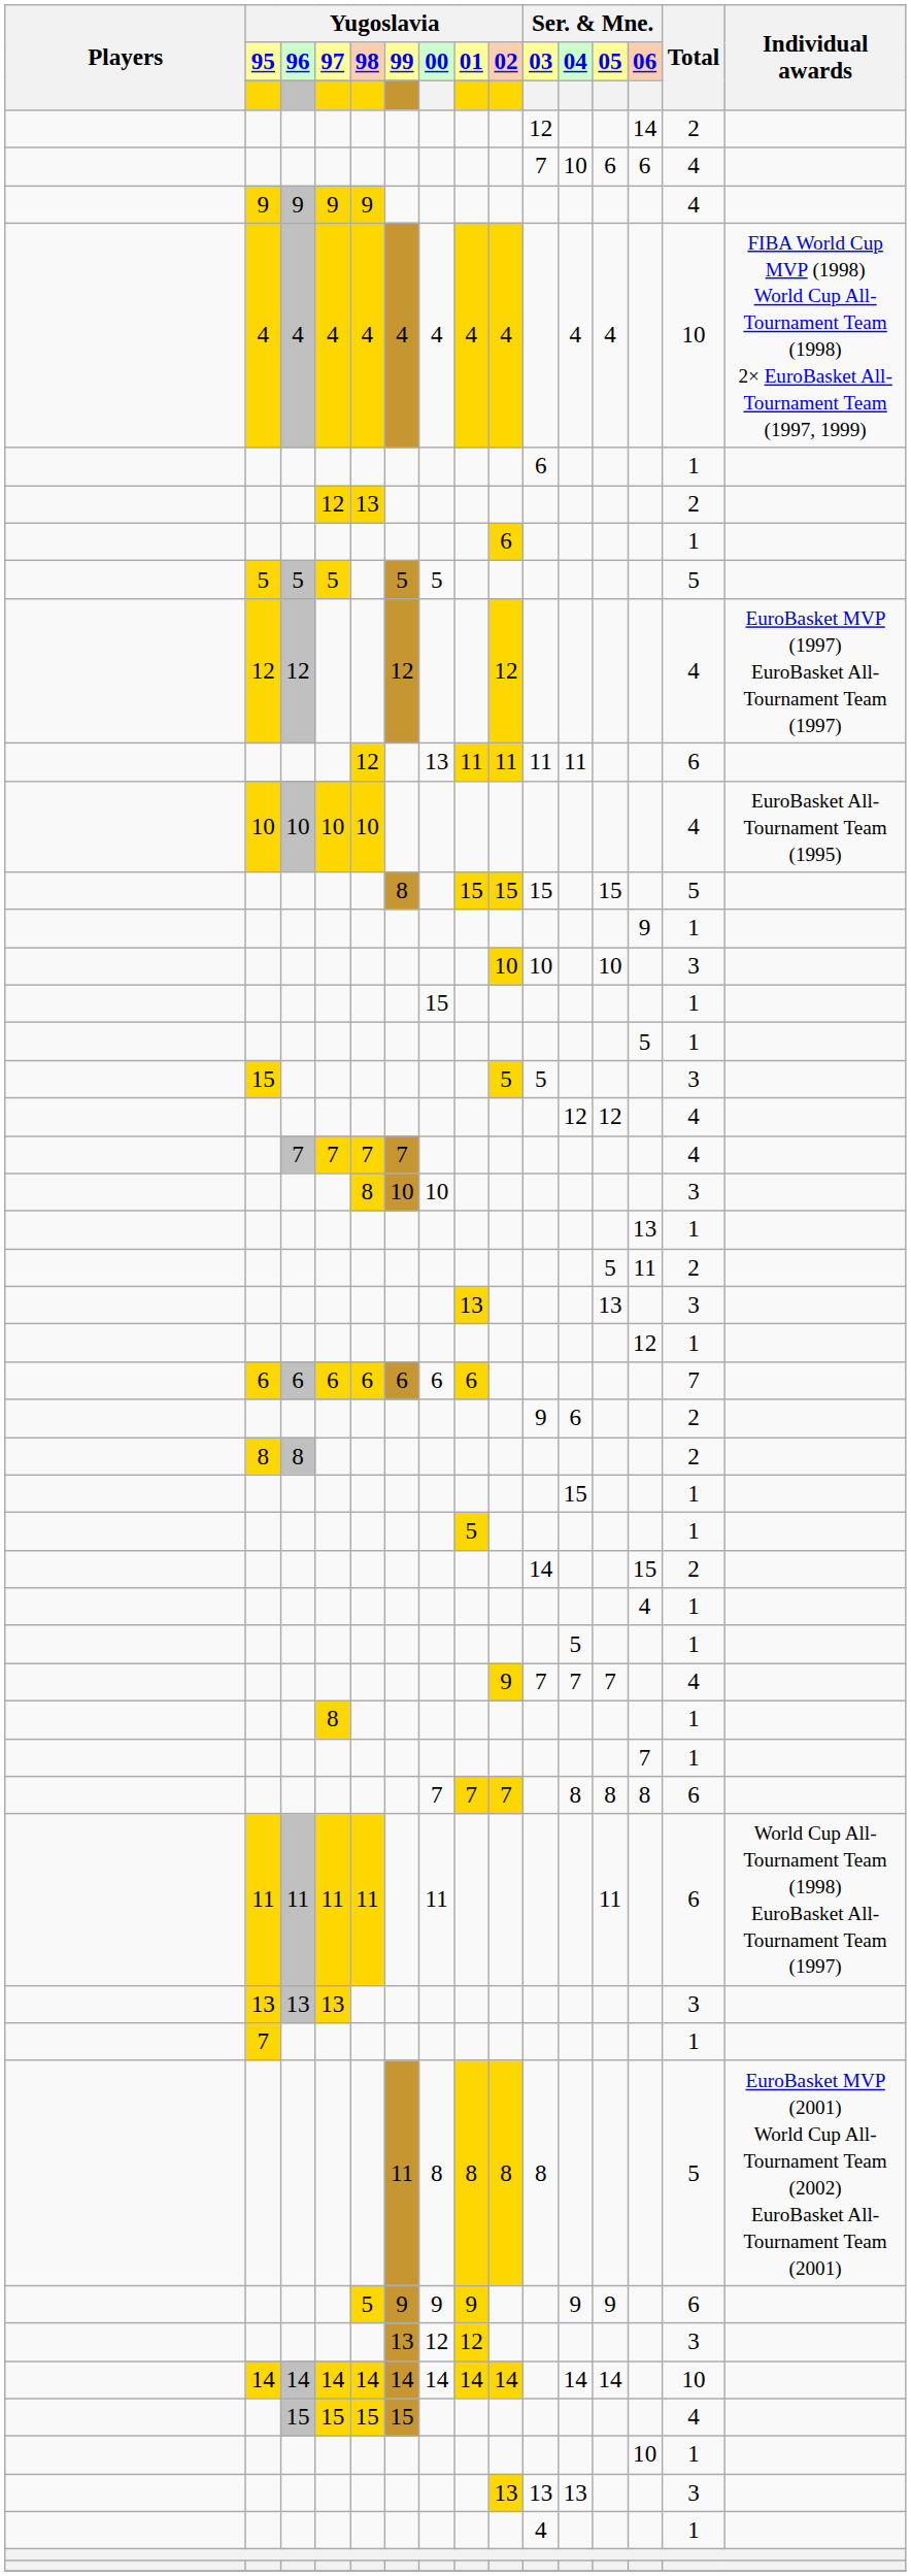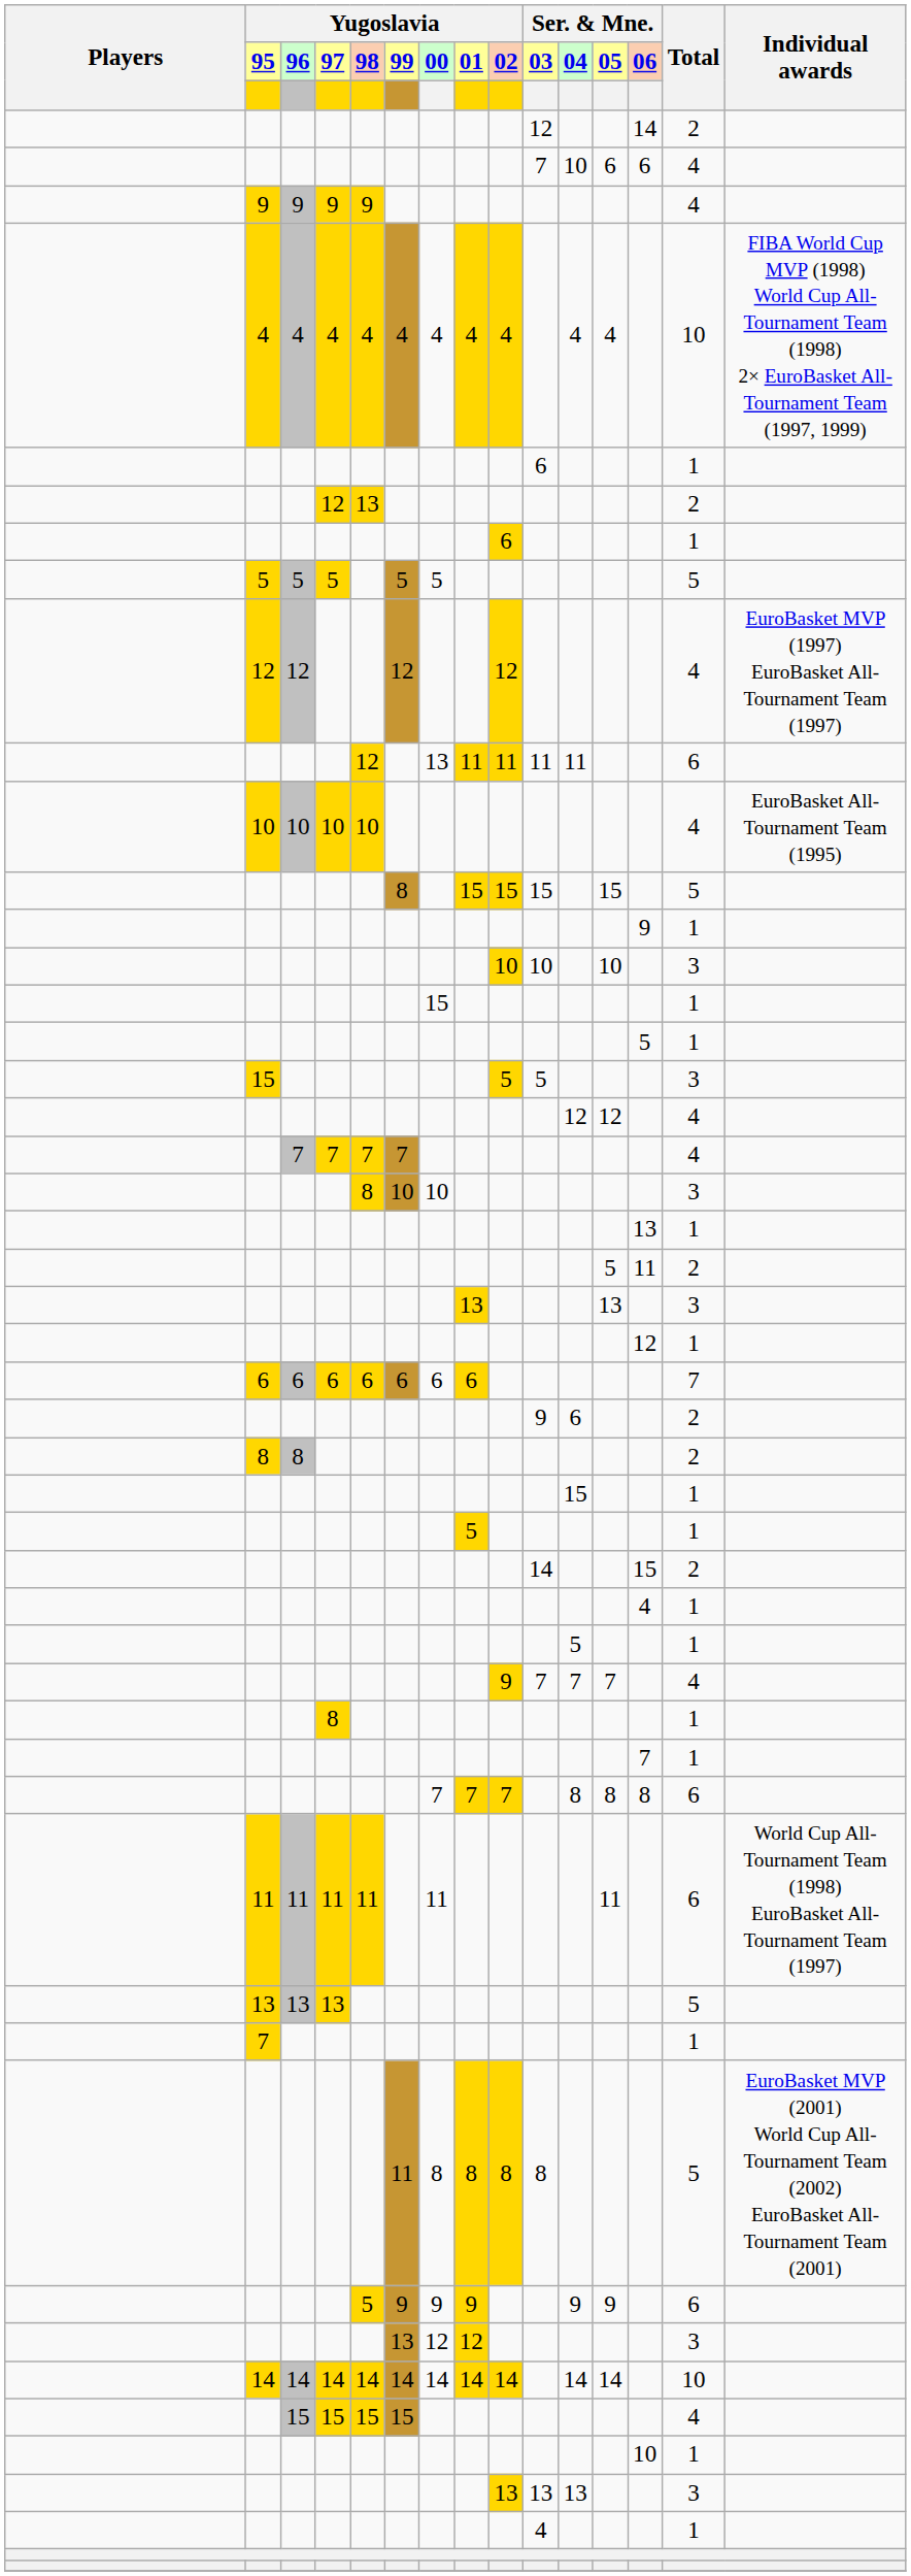 <table class="wikitable sortable" style="text-align:center;">
 <tr>
 <th rowspan="3" style="width:155px;">Players</th>
 <th colspan="8">Yugoslavia</th>
 <th colspan="4">Ser. & Mne.</th>
 <th rowspan="3">Total</th>
 <th rowspan="3">Individual awards</th>
 </tr>
 <tr>
 <th style="background-color:#FFFF99"><a href='#'>95</a></th>
 <th style="background-color:#CCFFCC"><a href='#'>96</a></th>
 <th style="background-color:#FFFF99"><a href='#'>97</a></th>
 <th style="background-color:#FBCEB1"><a href='#'>98</a></th>
 <th style="background-color:#FFFF99"><a href='#'>99</a></th>
 <th style="background-color:#CCFFCC"><a href='#'>00</a></th>
 <th style="background-color:#FFFF99"><a href='#'>01</a></th>
 <th style="background-color:#FBCEB1"><a href='#'>02</a></th>
 <th style="background-color:#FFFF99"><a href='#'>03</a></th>
 <th style="background-color:#CCFFCC"><a href='#'>04</a></th>
 <th style="background-color:#FFFF99"><a href='#'>05</a></th>
 <th style="background-color:#FBCEB1"><a href='#'>06</a></th>
 </tr>
 <tr style="text-align:center; height:20px;">
 <th scope=row style="background-color:gold"></th>
 <th style="background-color:silver"></th>
 <th style="background-color:gold"></th>
 <th style="background-color:gold"></th>
 <th style="background-color:#C69633"></th>
 <th></th>
 <th style="background-color:gold"></th>
 <th style="background-color:gold"></th>
 <th></th>
 <th></th>
 <th></th>
 <th></th>
 </tr>
 <tr>
 <td></td>
 <td></td>
 <td></td>
 <td></td>
 <td></td>
 <td></td>
 <td></td>
 <td></td>
 <td></td>
 <td>12</td>
 <td></td>
 <td></td>
 <td>14</td>
 <td>2</td>
 <td></td>
 </tr>
 <tr>
 <td></td>
 <td></td>
 <td></td>
 <td></td>
 <td></td>
 <td></td>
 <td></td>
 <td></td>
 <td></td>
 <td>7</td>
 <td>10</td>
 <td>6</td>
 <td>6</td>
 <td>4</td>
 <td></td>
 </tr>
 <tr>
 <td></td>
 <td style="background-color:gold">9</td>
 <td style="background-color:silver">9</td>
 <td style="background-color:gold">9</td>
 <td style="background-color:gold">9</td>
 <td></td>
 <td></td>
 <td></td>
 <td></td>
 <td></td>
 <td></td>
 <td></td>
 <td></td>
 <td>4</td>
 <td></td>
 </tr>
 <tr>
 <td></td>
 <td style="background-color:gold">4</td>
 <td style="background-color:silver">4</td>
 <td style="background-color:gold">4</td>
 <td style="background-color:gold">4</td>
 <td style="background-color:#C69633">4</td>
 <td>4</td>
 <td style="background-color:gold">4</td>
 <td style="background-color:gold">4</td>
 <td></td>
 <td>4</td>
 <td>4</td>
 <td></td>
 <td>10</td>
 <td><small><a href='#'>FIBA World Cup MVP</a> (1998)<br><a href='#'>World Cup All-Tournament Team</a> (1998)<br>2× <a href='#'>EuroBasket All-Tournament Team</a> (1997, 1999)</small></td>
 </tr>
 <tr>
 <td></td>
 <td></td>
 <td></td>
 <td></td>
 <td></td>
 <td></td>
 <td></td>
 <td></td>
 <td></td>
 <td>6</td>
 <td></td>
 <td></td>
 <td></td>
 <td>1</td>
 <td></td>
 </tr>
 <tr>
 <td></td>
 <td></td>
 <td></td>
 <td style="background-color:gold">12</td>
 <td style="background-color:gold">13</td>
 <td></td>
 <td></td>
 <td></td>
 <td></td>
 <td></td>
 <td></td>
 <td></td>
 <td></td>
 <td>2</td>
 <td></td>
 </tr>
 <tr>
 <td></td>
 <td></td>
 <td></td>
 <td></td>
 <td></td>
 <td></td>
 <td></td>
 <td></td>
 <td style="background-color:gold">6</td>
 <td></td>
 <td></td>
 <td></td>
 <td></td>
 <td>1</td>
 <td></td>
 </tr>
 <tr>
 <td></td>
 <td style="background-color:gold">5</td>
 <td style="background-color: silver">5</td>
 <td style="background-color:gold">5</td>
 <td></td>
 <td style="background-color:#C69633">5</td>
 <td>5</td>
 <td></td>
 <td></td>
 <td></td>
 <td></td>
 <td></td>
 <td></td>
 <td>5</td>
 <td></td>
 </tr>
 <tr>
 <td></td>
 <td style="background-color:gold">12</td>
 <td style="background-color: silver">12</td>
 <td></td>
 <td></td>
 <td style="background-color:#C69633">12</td>
 <td></td>
 <td></td>
 <td style="background-color:gold">12</td>
 <td></td>
 <td></td>
 <td></td>
 <td></td>
 <td>4</td>
 <td><small><a href='#'>EuroBasket MVP</a> (1997)<br>EuroBasket All-Tournament Team (1997)</small></td>
 </tr>
 <tr>
 <td></td>
 <td></td>
 <td></td>
 <td></td>
 <td style="background-color:gold">12</td>
 <td></td>
 <td>13</td>
 <td style="background-color:gold">11</td>
 <td style="background-color:gold">11</td>
 <td>11</td>
 <td>11</td>
 <td></td>
 <td></td>
 <td>6</td>
 <td></td>
 </tr>
 <tr>
 <td></td>
 <td style="background-color:gold">10</td>
 <td style="background-color:silver">10</td>
 <td style="background-color:gold">10</td>
 <td style="background-color:gold">10</td>
 <td></td>
 <td></td>
 <td></td>
 <td></td>
 <td></td>
 <td></td>
 <td></td>
 <td></td>
 <td>4</td>
 <td><small>EuroBasket All-Tournament Team (1995)</small></td>
 </tr>
 <tr>
 <td></td>
 <td></td>
 <td></td>
 <td></td>
 <td></td>
 <td style="background-color:#C69633">8</td>
 <td></td>
 <td style="background-color:gold">15</td>
 <td style="background-color:gold">15</td>
 <td>15</td>
 <td></td>
 <td>15</td>
 <td></td>
 <td>5</td>
 <td></td>
 </tr>
 <tr>
 <td></td>
 <td></td>
 <td></td>
 <td></td>
 <td></td>
 <td></td>
 <td></td>
 <td></td>
 <td></td>
 <td></td>
 <td></td>
 <td></td>
 <td>9</td>
 <td>1</td>
 <td></td>
 </tr>
 <tr>
 <td></td>
 <td></td>
 <td></td>
 <td></td>
 <td></td>
 <td></td>
 <td></td>
 <td></td>
 <td style="background-color:gold">10</td>
 <td>10</td>
 <td></td>
 <td>10</td>
 <td></td>
 <td>3</td>
 <td></td>
 </tr>
 <tr>
 <td></td>
 <td></td>
 <td></td>
 <td></td>
 <td></td>
 <td></td>
 <td>15</td>
 <td></td>
 <td></td>
 <td></td>
 <td></td>
 <td></td>
 <td></td>
 <td>1</td>
 <td></td>
 </tr>
 <tr>
 <td></td>
 <td></td>
 <td></td>
 <td></td>
 <td></td>
 <td></td>
 <td></td>
 <td></td>
 <td></td>
 <td></td>
 <td></td>
 <td></td>
 <td>5</td>
 <td>1</td>
 <td></td>
 </tr>
 <tr>
 <td></td>
 <td style="background-color:gold">15</td>
 <td></td>
 <td></td>
 <td></td>
 <td></td>
 <td></td>
 <td></td>
 <td style="background-color:gold">5</td>
 <td>5</td>
 <td></td>
 <td></td>
 <td></td>
 <td>3</td>
 <td></td>
 </tr>
 <tr>
 <td></td>
 <td></td>
 <td></td>
 <td></td>
 <td></td>
 <td></td>
 <td></td>
 <td></td>
 <td></td>
 <td></td>
 <td>12</td>
 <td>12</td>
 <td></td>
 <td>4</td>
 <td></td>
 </tr>
 <tr>
 <td></td>
 <td></td>
 <td style="background-color:silver">7</td>
 <td style="background-color:gold">7</td>
 <td style="background-color:gold">7</td>
 <td style="background-color:#C69633">7</td>
 <td></td>
 <td></td>
 <td></td>
 <td></td>
 <td></td>
 <td></td>
 <td></td>
 <td>4</td>
 <td></td>
 </tr>
 <tr>
 <td></td>
 <td></td>
 <td></td>
 <td></td>
 <td style="background-color:gold">8</td>
 <td style="background-color:#C69633">10</td>
 <td>10</td>
 <td></td>
 <td></td>
 <td></td>
 <td></td>
 <td></td>
 <td></td>
 <td>3</td>
 <td></td>
 </tr>
 <tr>
 <td></td>
 <td></td>
 <td></td>
 <td></td>
 <td></td>
 <td></td>
 <td></td>
 <td></td>
 <td></td>
 <td></td>
 <td></td>
 <td></td>
 <td>13</td>
 <td>1</td>
 <td></td>
 </tr>
 <tr>
 <td></td>
 <td></td>
 <td></td>
 <td></td>
 <td></td>
 <td></td>
 <td></td>
 <td></td>
 <td></td>
 <td></td>
 <td></td>
 <td>5</td>
 <td>11</td>
 <td>2</td>
 <td></td>
 </tr>
 <tr>
 <td></td>
 <td></td>
 <td></td>
 <td></td>
 <td></td>
 <td></td>
 <td></td>
 <td style="background-color:gold">13</td>
 <td></td>
 <td></td>
 <td></td>
 <td>13</td>
 <td></td>
 <td>3</td>
 <td></td>
 </tr>
 <tr>
 <td></td>
 <td></td>
 <td></td>
 <td></td>
 <td></td>
 <td></td>
 <td></td>
 <td></td>
 <td></td>
 <td></td>
 <td></td>
 <td></td>
 <td>12</td>
 <td>1</td>
 <td></td>
 </tr>
 <tr>
 <td></td>
 <td style="background-color:gold">6</td>
 <td style="background-color:silver">6</td>
 <td style="background-color:gold">6</td>
 <td style="background-color:gold">6</td>
 <td style="background-color:#C69633">6</td>
 <td>6</td>
 <td style="background-color:gold">6</td>
 <td></td>
 <td></td>
 <td></td>
 <td></td>
 <td></td>
 <td>7</td>
 <td></td>
 </tr>
 <tr>
 <td></td>
 <td></td>
 <td></td>
 <td></td>
 <td></td>
 <td></td>
 <td></td>
 <td></td>
 <td></td>
 <td>9</td>
 <td>6</td>
 <td></td>
 <td></td>
 <td>2</td>
 <td></td>
 </tr>
 <tr>
 <td></td>
 <td style="background-color:gold">8</td>
 <td style="background-color:silver">8</td>
 <td></td>
 <td></td>
 <td></td>
 <td></td>
 <td></td>
 <td></td>
 <td></td>
 <td></td>
 <td></td>
 <td></td>
 <td>2</td>
 <td></td>
 </tr>
 <tr>
 <td></td>
 <td></td>
 <td></td>
 <td></td>
 <td></td>
 <td></td>
 <td></td>
 <td></td>
 <td></td>
 <td></td>
 <td>15</td>
 <td></td>
 <td></td>
 <td>1</td>
 <td></td>
 </tr>
 <tr>
 <td></td>
 <td></td>
 <td></td>
 <td></td>
 <td></td>
 <td></td>
 <td></td>
 <td style="background-color:gold">5</td>
 <td></td>
 <td></td>
 <td></td>
 <td></td>
 <td></td>
 <td>1</td>
 <td></td>
 </tr>
 <tr>
 <td></td>
 <td></td>
 <td></td>
 <td></td>
 <td></td>
 <td></td>
 <td></td>
 <td></td>
 <td></td>
 <td>14</td>
 <td></td>
 <td></td>
 <td>15</td>
 <td>2</td>
 <td></td>
 </tr>
 <tr>
 <td></td>
 <td></td>
 <td></td>
 <td></td>
 <td></td>
 <td></td>
 <td></td>
 <td></td>
 <td></td>
 <td></td>
 <td></td>
 <td></td>
 <td>4</td>
 <td>1</td>
 <td></td>
 </tr>
 <tr>
 <td></td>
 <td></td>
 <td></td>
 <td></td>
 <td></td>
 <td></td>
 <td></td>
 <td></td>
 <td></td>
 <td></td>
 <td>5</td>
 <td></td>
 <td></td>
 <td>1</td>
 <td></td>
 </tr>
 <tr>
 <td></td>
 <td></td>
 <td></td>
 <td></td>
 <td></td>
 <td></td>
 <td></td>
 <td></td>
 <td style="background-color:gold">9</td>
 <td>7</td>
 <td>7</td>
 <td>7</td>
 <td></td>
 <td>4</td>
 <td></td>
 </tr>
 <tr>
 <td></td>
 <td></td>
 <td></td>
 <td style="background-color:gold">8</td>
 <td></td>
 <td></td>
 <td></td>
 <td></td>
 <td></td>
 <td></td>
 <td></td>
 <td></td>
 <td></td>
 <td>1</td>
 <td></td>
 </tr>
 <tr>
 <td></td>
 <td></td>
 <td></td>
 <td></td>
 <td></td>
 <td></td>
 <td></td>
 <td></td>
 <td></td>
 <td></td>
 <td></td>
 <td></td>
 <td>7</td>
 <td>1</td>
 <td></td>
 </tr>
 <tr>
 <td></td>
 <td></td>
 <td></td>
 <td></td>
 <td></td>
 <td></td>
 <td>7</td>
 <td style="background-color:gold">7</td>
 <td style="background-color:gold">7</td>
 <td></td>
 <td>8</td>
 <td>8</td>
 <td>8</td>
 <td>6</td>
 <td></td>
 </tr>
 <tr>
 <td></td>
 <td style="background-color:gold">11</td>
 <td style="background-color:silver">11</td>
 <td style="background-color:gold">11</td>
 <td style="background-color:gold">11</td>
 <td></td>
 <td>11</td>
 <td></td>
 <td></td>
 <td></td>
 <td></td>
 <td>11</td>
 <td></td>
 <td>6</td>
 <td><small>World Cup All-Tournament Team (1998)<br>EuroBasket All-Tournament Team (1997)</small></td>
 </tr>
 <tr>
 <td></td>
 <td style="background-color:gold">13</td>
 <td style="background-color:silver">13</td>
 <td style="background-color:gold">13</td>
 <td></td>
 <td></td>
 <td></td>
 <td></td>
 <td></td>
 <td></td>
 <td></td>
 <td></td>
 <td></td>
-<td>3</td>
+<td>5</td>
 <td></td>
 </tr>
 <tr>
 <td></td>
 <td style="background-color:gold">7</td>
 <td></td>
 <td></td>
 <td></td>
 <td></td>
 <td></td>
 <td></td>
 <td></td>
 <td></td>
 <td></td>
 <td></td>
 <td></td>
 <td>1</td>
 <td></td>
 </tr>
 <tr>
 <td></td>
 <td></td>
 <td></td>
 <td></td>
 <td></td>
 <td style="background-color:#C69633">11</td>
 <td>8</td>
 <td style="background-color:gold">8</td>
 <td style="background-color:gold">8</td>
 <td>8</td>
 <td></td>
 <td></td>
 <td></td>
 <td>5</td>
 <td><small><a href='#'>EuroBasket MVP</a> (2001)<br>World Cup All-Tournament Team (2002)<br>EuroBasket All-Tournament Team (2001)</small></td>
 </tr>
 <tr>
 <td></td>
 <td></td>
 <td></td>
 <td></td>
 <td style="background-color:gold">5</td>
 <td style="background-color:#C69633">9</td>
 <td>9</td>
 <td style="background-color:gold">9</td>
 <td></td>
 <td></td>
 <td>9</td>
 <td>9</td>
 <td></td>
 <td>6</td>
 <td></td>
 </tr>
 <tr>
 <td></td>
 <td></td>
 <td></td>
 <td></td>
 <td></td>
 <td style="background-color:#C69633">13</td>
 <td>12</td>
 <td style="background-color:gold">12</td>
 <td></td>
 <td></td>
 <td></td>
 <td></td>
 <td></td>
 <td>3</td>
 <td></td>
 </tr>
 <tr>
 <td></td>
 <td style="background-color:gold">14</td>
 <td style="background-color:silver">14</td>
 <td style="background-color:gold">14</td>
 <td style="background-color:gold">14</td>
 <td style="background-color:#C69633">14</td>
 <td>14</td>
 <td style="background-color:gold">14</td>
 <td style="background-color:gold">14</td>
 <td></td>
 <td>14</td>
 <td>14</td>
 <td></td>
 <td>10</td>
 <td></td>
 </tr>
 <tr>
 <td></td>
 <td></td>
 <td style="background-color:silver">15</td>
 <td style="background-color:gold">15</td>
 <td style="background-color:gold">15</td>
 <td style="background-color:#C69633">15</td>
 <td></td>
 <td></td>
 <td></td>
 <td></td>
 <td></td>
 <td></td>
 <td></td>
 <td>4</td>
 <td></td>
 </tr>
 <tr>
 <td></td>
 <td></td>
 <td></td>
 <td></td>
 <td></td>
 <td></td>
 <td></td>
 <td></td>
 <td></td>
 <td></td>
 <td></td>
 <td></td>
 <td>10</td>
 <td>1</td>
 <td></td>
 </tr>
 <tr>
 <td></td>
 <td></td>
 <td></td>
 <td></td>
 <td></td>
 <td></td>
 <td></td>
 <td></td>
 <td style="background-color:gold">13</td>
 <td>13</td>
 <td>13</td>
 <td></td>
 <td></td>
 <td>3</td>
 <td></td>
 </tr>
 <tr>
 <td></td>
 <td></td>
 <td></td>
 <td></td>
 <td></td>
 <td></td>
 <td></td>
 <td></td>
 <td></td>
 <td>4</td>
 <td></td>
 <td></td>
 <td></td>
 <td>1</td>
 <td></td>
 </tr>
 <tr>
 <th colspan=15></th>
 </tr>
 <tr>
 <th></th>
 <th></th>
 <th></th>
 <th></th>
 <th></th>
 <th></th>
 <th></th>
 <th></th>
 <th></th>
 <th></th>
 <th></th>
 <th></th>
 <th></th>
 <th colspan=2></th>
 </tr>
 <tr>
 </tr>
 </table>
